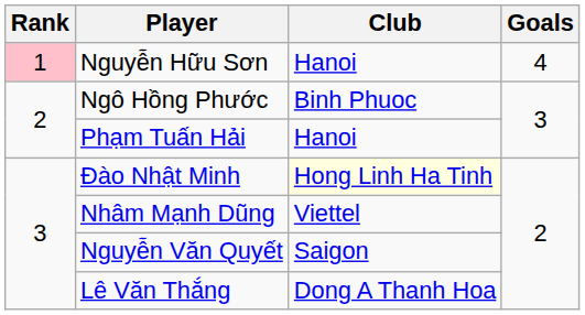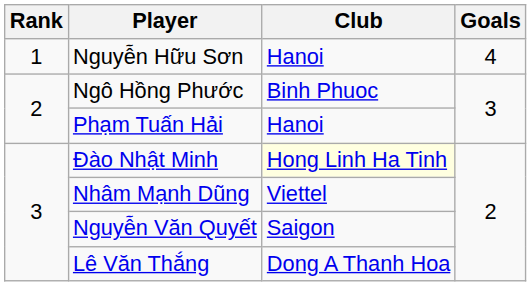 <table class="wikitable" style="text-align:center">
 <tr>
 <th>Rank</th>
 <th>Player</th>
 <th>Club</th>
 <th>Goals</th>
 </tr>
 <tr>
-<td style="background: pink;">1</td>
+<td>1</td>
 <td align="left"> Nguyễn Hữu Sơn</td>
 <td align="left"><a href='#'>Hanoi</a></td>
 <td>4</td>
 </tr>
 <tr>
 <td rowspan="2">2</td>
 <td align="left"> Ngô Hồng Phước</td>
 <td align="left"><a href='#'>Binh Phuoc</a></td>
 <td rowspan="2">3</td>
 </tr>
 <tr>
 <td align="left"> <a href='#'>Phạm Tuấn Hải</a></td>
 <td align="left"><a href='#'>Hanoi</a></td>
 </tr>
 <tr>
 <td rowspan="4">3</td>
 <td align="left"> <a href='#'>Đào Nhật Minh</a></td>
 <td align="left" style="background: lightyellow;"><a href='#'>Hong Linh Ha Tinh</a></td>
 <td rowspan="4">2</td>
 </tr>
 <tr>
 <td align="left"> <a href='#'>Nhâm Mạnh Dũng</a></td>
 <td align="left"><a href='#'>Viettel</a></td>
 </tr>
 <tr>
 <td align="left"> <a href='#'>Nguyễn Văn Quyết</a></td>
 <td align="left"><a href='#'>Saigon</a></td>
 </tr>
 <tr>
 <td align="left"> <a href='#'>Lê Văn Thắng</a></td>
 <td align="left"><a href='#'>Dong A Thanh Hoa</a></td>
 </tr>
 </table>
